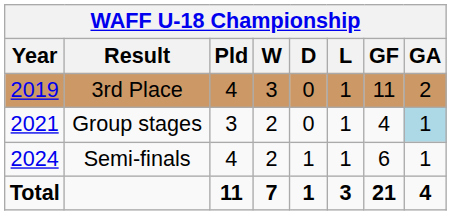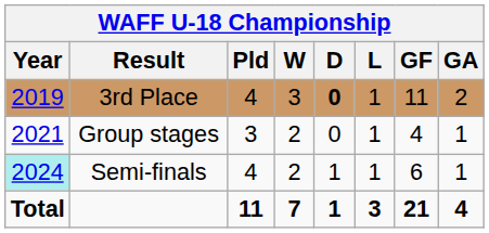 <table class="wikitable" style="text-align: center;font-size:100%">
 <tr>
 <th colspan=9><a href='#'>WAFF U-18 Championship</a></th>
 </tr>
 <tr>
 <th>Year</th>
 <th width=100>Result</th>
 <th width=20>Pld</th>
 <th width=20>W</th>
 <th width=20>D</th>
 <th width=20>L</th>
 <th width=20>GF</th>
 <th width=20>GA</th>
 </tr>
 <tr bgcolor="#cc9966">
 <td> <a href='#'>2019</a></td>
 <td>3rd Place</td>
 <td>4</td>
 <td>3</td>
-<td>0</td>
+<td><strong>0</strong></td>
 <td>1</td>
 <td>11</td>
 <td>2</td>
 </tr>
 <tr>
 <td> <a href='#'>2021</a></td>
 <td>Group stages</td>
 <td>3</td>
 <td>2</td>
 <td>0</td>
 <td>1</td>
 <td>4</td>
-<td style="background: lightblue;">1</td>
+<td>1</td>
 </tr>
 <tr>
-<td> <a href='#'>2024</a></td>
+<td style="background: paleturquoise;"> <a href='#'>2024</a></td>
 <td>Semi-finals</td>
 <td>4</td>
 <td>2</td>
 <td>1</td>
 <td>1</td>
 <td>6</td>
 <td>1</td>
 </tr>
 <tr>
 <td><strong>Total</strong></td>
 <td></td>
 <td><strong>11</strong></td>
 <td><strong>7</strong></td>
 <td><strong>1</strong></td>
 <td><strong>3</strong></td>
 <td><strong>21</strong></td>
 <td><strong>4</strong></td>
 </tr>
 </table>
